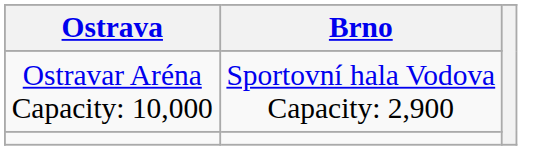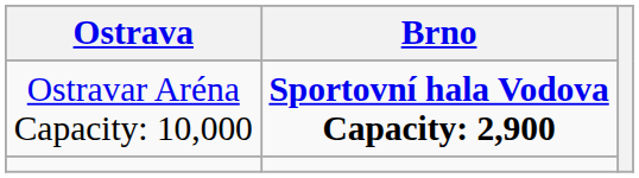 <table class="wikitable" style="text-align:center;">
 <tr>
 <th><a href='#'>Ostrava</a></th>
 <th><a href='#'>Brno</a></th>
 <th rowspan=9></th>
 </tr>
 <tr>
 <td><a href='#'>Ostravar Aréna</a><br>Capacity: 10,000</td>
-<td><a href='#'>Sportovní hala Vodova</a><br>Capacity: 2,900</td>
+<td><strong><a href='#'>Sportovní hala Vodova</a><br>Capacity: 2,900</strong></td>
 </tr>
 <tr>
 <td></td>
 <td></td>
 </tr>
 </table>
